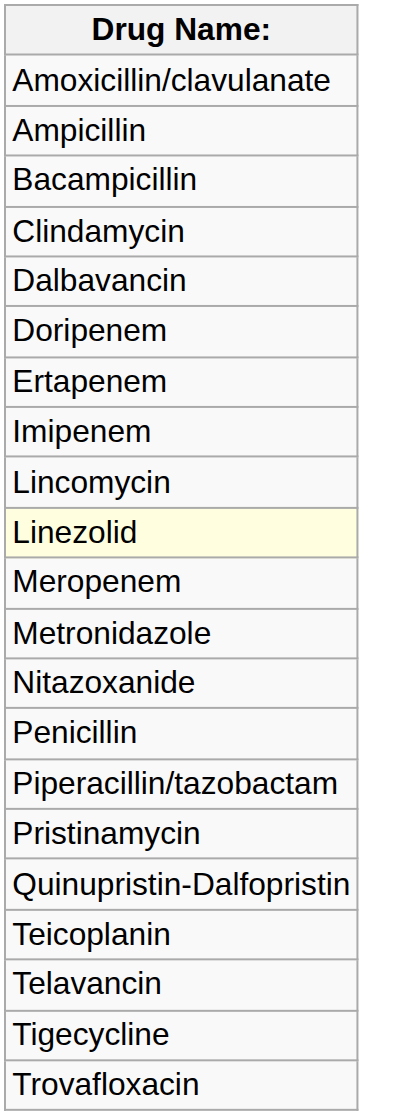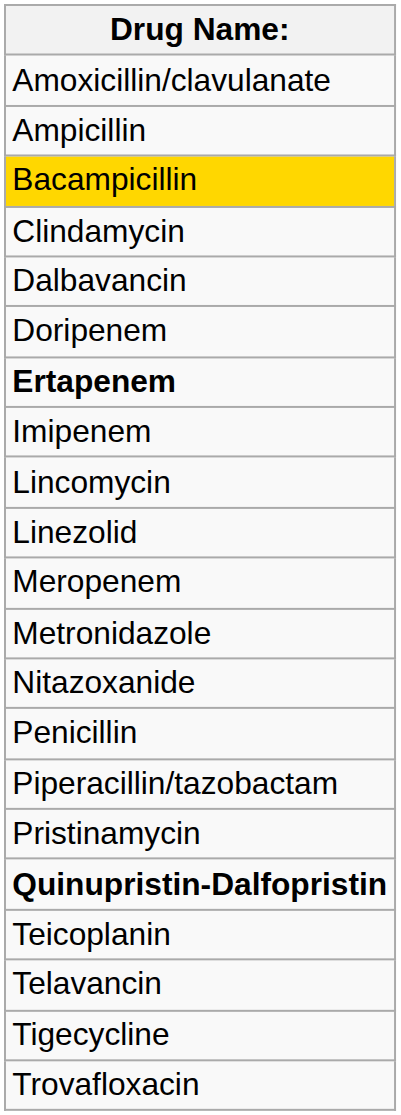 <table class="wikitable">
 <tr>
 <th>Drug Name:</th>
 </tr>
 <tr>
 <td>Amoxicillin/clavulanate</td>
 </tr>
 <tr>
 <td>Ampicillin</td>
 </tr>
 <tr>
-<td>Bacampicillin</td>
+<td style="background: gold;">Bacampicillin</td>
 </tr>
 <tr>
 <td>Clindamycin</td>
 </tr>
 <tr>
 <td>Dalbavancin</td>
 </tr>
 <tr>
 <td>Doripenem</td>
 </tr>
 <tr>
-<td>Ertapenem</td>
+<td><strong>Ertapenem</strong></td>
 </tr>
 <tr>
 <td>Imipenem</td>
 </tr>
 <tr>
 <td>Lincomycin</td>
 </tr>
 <tr>
-<td style="background: lightyellow;">Linezolid</td>
+<td>Linezolid</td>
 </tr>
 <tr>
 <td>Meropenem</td>
 </tr>
 <tr>
 <td>Metronidazole</td>
 </tr>
 <tr>
 <td>Nitazoxanide</td>
 </tr>
 <tr>
 <td>Penicillin</td>
 </tr>
 <tr>
 <td>Piperacillin/tazobactam</td>
 </tr>
 <tr>
 <td>Pristinamycin</td>
 </tr>
 <tr>
-<td>Quinupristin-Dalfopristin</td>
+<td><strong>Quinupristin-Dalfopristin</strong></td>
 </tr>
 <tr>
 <td>Teicoplanin</td>
 </tr>
 <tr>
 <td>Telavancin</td>
 </tr>
 <tr>
 <td>Tigecycline</td>
 </tr>
 <tr>
 <td>Trovafloxacin</td>
 </tr>
 </table>
